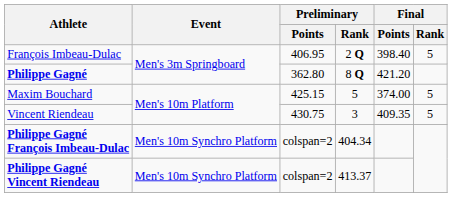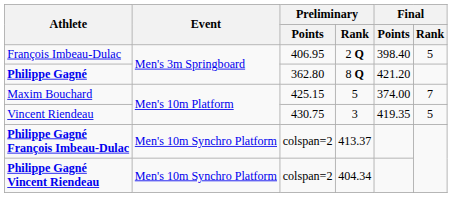 <table class=wikitable style="font-size:90%">
 <tr>
 <th rowspan=2>Athlete</th>
 <th rowspan=2>Event</th>
 <th colspan=2>Preliminary</th>
 <th colspan=2>Final</th>
 </tr>
 <tr>
 <th>Points</th>
 <th>Rank</th>
 <th>Points</th>
 <th>Rank</th>
 </tr>
 <tr align=center>
 <td align=left><a href='#'>François Imbeau-Dulac</a></td>
 <td rowspan=2 align=left><a href='#'>Men's 3m Springboard</a></td>
 <td>406.95</td>
 <td>2 <strong>Q</strong></td>
 <td>398.40</td>
 <td>5</td>
 </tr>
 <tr align=center>
 <td align=left><strong><a href='#'>Philippe Gagné</a></strong></td>
 <td>362.80</td>
 <td>8 <strong>Q</strong></td>
 <td>421.20</td>
 <td></td>
 </tr>
 <tr align=center>
 <td align=left><a href='#'>Maxim Bouchard</a></td>
 <td rowspan=2 align=left><a href='#'>Men's 10m Platform</a></td>
 <td>425.15</td>
 <td>5</td>
 <td>374.00</td>
-<td>5</td>
+<td>7</td>
 </tr>
 <tr align=center>
 <td align=left><a href='#'>Vincent Riendeau</a></td>
 <td>430.75</td>
 <td>3</td>
-<td>409.35</td>
+<td>419.35</td>
 <td>5</td>
 </tr>
 <tr align=center>
 <td align=left><strong><a href='#'>Philippe Gagné</a><br><a href='#'>François Imbeau-Dulac</a></strong></td>
 <td align=left><a href='#'>Men's 10m Synchro Platform</a></td>
 <td>colspan=2 </td>
-<td>404.34</td>
+<td>413.37</td>
 <td></td>
 </tr>
 <tr align=center>
 <td align=left><strong><a href='#'>Philippe Gagné</a><br><a href='#'>Vincent Riendeau</a></strong></td>
 <td align=left><a href='#'>Men's 10m Synchro Platform</a></td>
 <td>colspan=2 </td>
-<td>413.37</td>
+<td>404.34</td>
 <td></td>
 </tr>
 </table>
